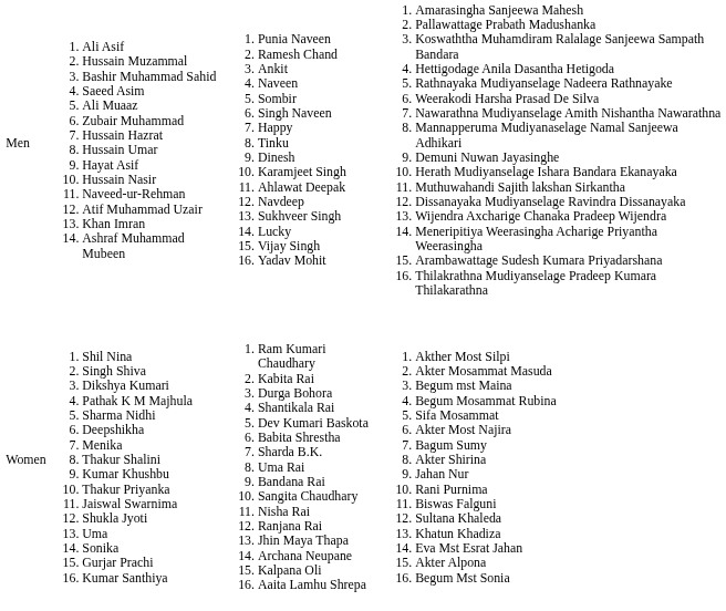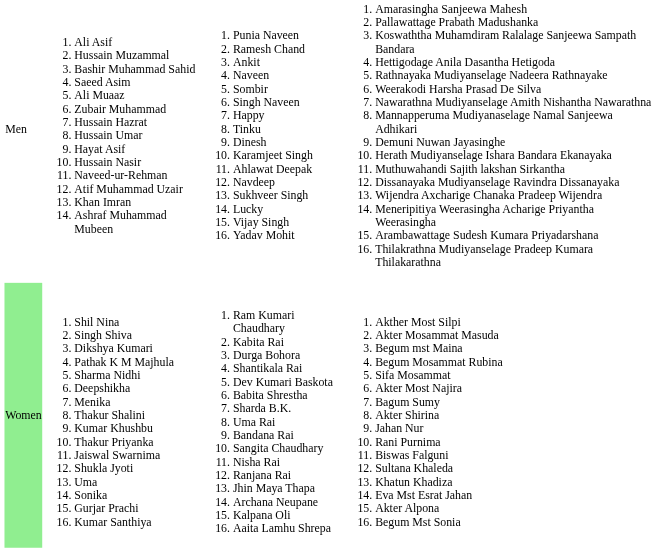 <table>
 <tr>
 <td>Men<br></td>
 <td><br><ol><li>Ali Asif</li><li>Hussain Muzammal</li><li>Bashir Muhammad Sahid</li><li>Saeed Asim</li><li>Ali Muaaz</li><li>Zubair Muhammad</li><li>Hussain Hazrat</li><li>Hussain Umar</li><li>Hayat Asif</li><li>Hussain Nasir</li><li>Naveed-ur-Rehman</li><li>Atif Muhammad Uzair</li><li>Khan Imran</li><li>Ashraf Muhammad Mubeen</li></ol></td>
 <td><br><ol><li>Punia Naveen</li><li>Ramesh Chand</li><li>Ankit</li><li>Naveen</li><li>Sombir</li><li>Singh Naveen</li><li>Happy</li><li>Tinku</li><li>Dinesh</li><li>Karamjeet Singh</li><li>Ahlawat Deepak</li><li>Navdeep</li><li>Sukhveer Singh</li><li>Lucky</li><li>Vijay Singh</li><li>Yadav Mohit</li></ol></td>
 <td><br><ol><li>Amarasingha Sanjeewa Mahesh</li><li>Pallawattage Prabath Madushanka</li><li>Koswaththa Muhamdiram Ralalage Sanjeewa Sampath Bandara</li><li>Hettigodage Anila Dasantha Hetigoda</li><li>Rathnayaka Mudiyanselage Nadeera Rathnayake</li><li>Weerakodi Harsha Prasad De Silva</li><li>Nawarathna Mudiyanselage Amith Nishantha Nawarathna</li><li>Mannapperuma Mudiyanaselage Namal Sanjeewa Adhikari</li><li>Demuni Nuwan Jayasinghe</li><li>Herath Mudiyanselage Ishara Bandara Ekanayaka</li><li>Muthuwahandi Sajith lakshan Sirkantha</li><li>Dissanayaka Mudiyanselage Ravindra Dissanayaka</li><li>Wijendra Axcharige Chanaka Pradeep Wijendra</li><li>Meneripitiya Weerasingha Acharige Priyantha Weerasingha</li><li>Arambawattage Sudesh Kumara Priyadarshana</li><li>Thilakrathna Mudiyanselage Pradeep Kumara Thilakarathna</li></ol></td>
 </tr>
 <tr>
-<td>Women<br></td>
+<td style="background: lightgreen;">Women<br></td>
 <td><br><ol><li>Shil Nina</li><li>Singh Shiva</li><li>Dikshya Kumari</li><li>Pathak K M Majhula</li><li>Sharma Nidhi</li><li>Deepshikha</li><li>Menika</li><li>Thakur Shalini</li><li>Kumar Khushbu</li><li>Thakur Priyanka</li><li>Jaiswal Swarnima</li><li>Shukla Jyoti</li><li>Uma</li><li>Sonika</li><li>Gurjar Prachi</li><li>Kumar Santhiya</li></ol></td>
 <td><br><ol><li>Ram Kumari Chaudhary</li><li>Kabita Rai</li><li>Durga Bohora</li><li>Shantikala Rai</li><li>Dev Kumari Baskota</li><li>Babita Shrestha</li><li>Sharda B.K.</li><li>Uma Rai</li><li>Bandana Rai</li><li>Sangita Chaudhary</li><li>Nisha Rai</li><li>Ranjana Rai</li><li>Jhin Maya Thapa</li><li>Archana Neupane</li><li>Kalpana Oli</li><li>Aaita Lamhu Shrepa</li></ol></td>
 <td><br><ol><li>Akther Most Silpi</li><li>Akter Mosammat Masuda</li><li>Begum mst Maina</li><li>Begum Mosammat Rubina</li><li>Sifa Mosammat</li><li>Akter Most Najira</li><li>Bagum Sumy</li><li>Akter Shirina</li><li>Jahan Nur</li><li>Rani Purnima</li><li>Biswas Falguni</li><li>Sultana Khaleda</li><li>Khatun Khadiza</li><li>Eva Mst Esrat Jahan</li><li>Akter Alpona</li><li>Begum Mst Sonia</li></ol></td>
 </tr>
 </table>
